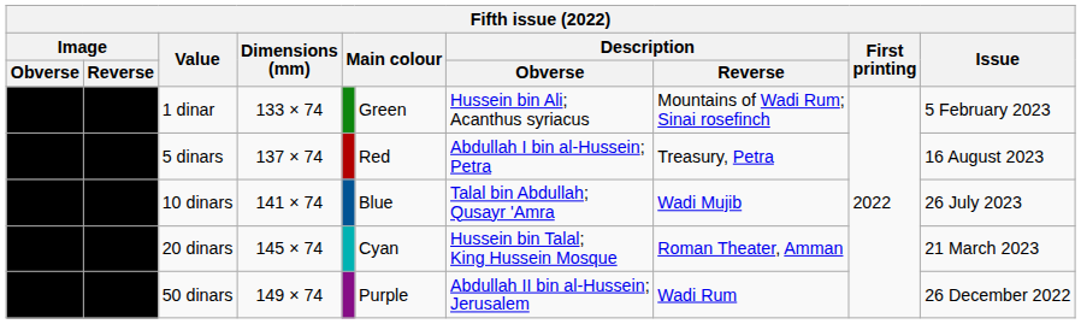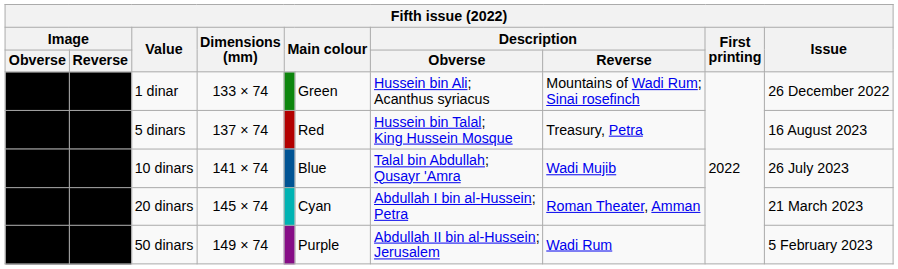 <table class="wikitable" style="margin:auto; font-size:90%; border-width:1px;">
 <tr>
 <th colspan=10>Fifth issue (2022)</th>
 </tr>
 <tr>
 <th colspan=2>Image</th>
 <th rowspan=2>Value</th>
 <th rowspan=2>Dimensions<br>(mm)</th>
 <th rowspan=2 colspan=2>Main colour</th>
 <th colspan=2>Description</th>
 <th rowspan=2>First<br>printing</th>
 <th rowspan=2>Issue</th>
 </tr>
 <tr>
 <th>Obverse</th>
 <th>Reverse</th>
 <th>Obverse</th>
 <th>Reverse</th>
 </tr>
 <tr>
 <td style="background:#000; text-align:center;"></td>
 <td style="background:#000; text-align:center;"></td>
 <td>1 dinar</td>
 <td align=center>133 × 74</td>
 <td style="background:#0D860D;"></td>
 <td>Green</td>
 <td><a href='#'>Hussein bin Ali</a>;<br>Acanthus syriacus</td>
 <td>Mountains of <a href='#'>Wadi Rum</a>;<br><a href='#'>Sinai rosefinch</a></td>
 <td rowspan="5">2022</td>
-<td>5 February 2023</td>
+<td>26 December 2022</td>
 </tr>
 <tr>
 <td style="background:#000; text-align:center;"></td>
 <td style="background:#000; text-align:center;"></td>
 <td>5 dinars</td>
 <td align=center>137 × 74</td>
 <td style="background:#B30000;"></td>
 <td>Red</td>
-<td><a href='#'>Abdullah I bin al-Hussein</a>;<br><a href='#'>Petra</a></td>
+<td><a href='#'>Hussein bin Talal</a>;<br><a href='#'>King Hussein Mosque</a></td>
 <td>Treasury, <a href='#'>Petra</a></td>
 <td>16 August 2023</td>
 </tr>
 <tr>
 <td style="background:#000; text-align:center;"></td>
 <td style="background:#000; text-align:center;"></td>
 <td>10 dinars</td>
 <td align=center>141 × 74</td>
 <td style="background:#015494;"></td>
 <td>Blue</td>
 <td><a href='#'>Talal bin Abdullah</a>;<br><a href='#'>Qusayr 'Amra</a></td>
 <td><a href='#'>Wadi Mujib</a></td>
 <td>26 July 2023</td>
 </tr>
 <tr>
 <td style="background:#000; text-align:center;"></td>
 <td style="background:#000; text-align:center;"></td>
 <td>20 dinars</td>
 <td align=center>145 × 74</td>
 <td style="background:#00B3B3;"></td>
 <td>Cyan</td>
-<td><a href='#'>Hussein bin Talal</a>;<br><a href='#'>King Hussein Mosque</a></td>
+<td><a href='#'>Abdullah I bin al-Hussein</a>;<br><a href='#'>Petra</a></td>
 <td><a href='#'>Roman Theater</a>, <a href='#'>Amman</a></td>
 <td>21 March 2023</td>
 </tr>
 <tr>
 <td style="background:#000; text-align:center;"></td>
 <td style="background:#000; text-align:center;"></td>
 <td>50 dinars</td>
 <td align=center>149 × 74</td>
 <td style="background:#860D86;"></td>
 <td>Purple</td>
 <td><a href='#'>Abdullah II bin al-Hussein</a>;<br><a href='#'>Jerusalem</a></td>
 <td><a href='#'>Wadi Rum</a></td>
-<td>26 December 2022</td>
+<td>5 February 2023</td>
 </tr>
 </table>
